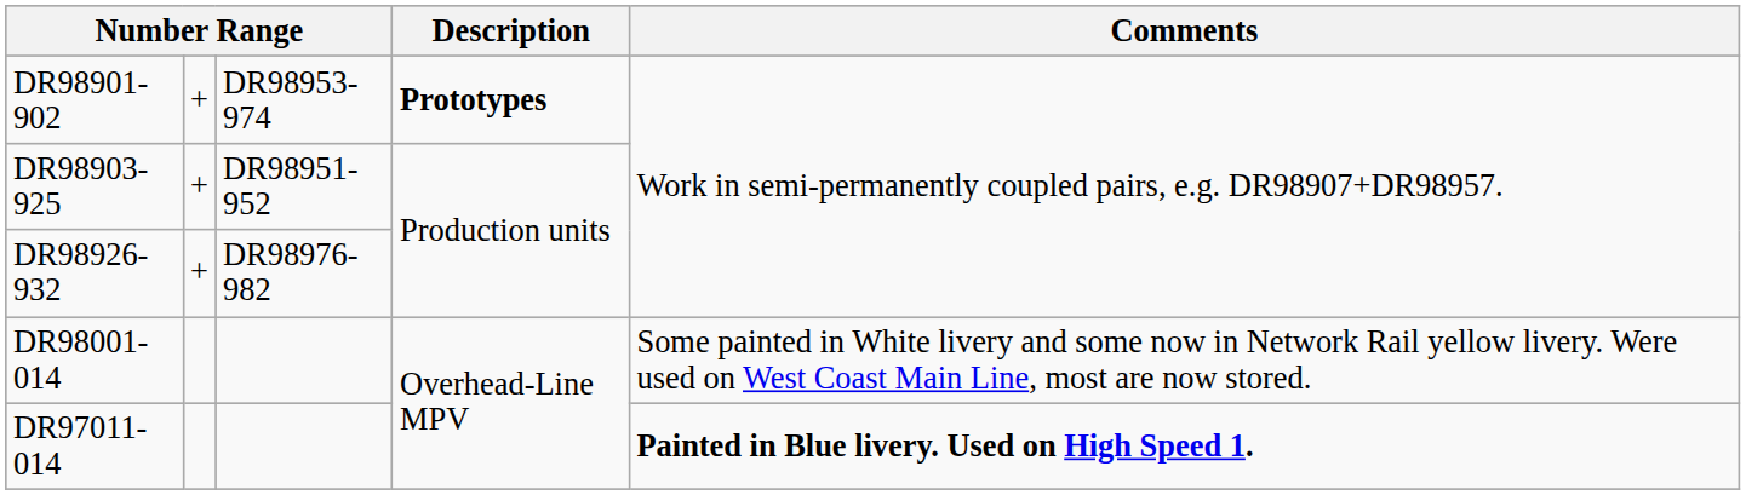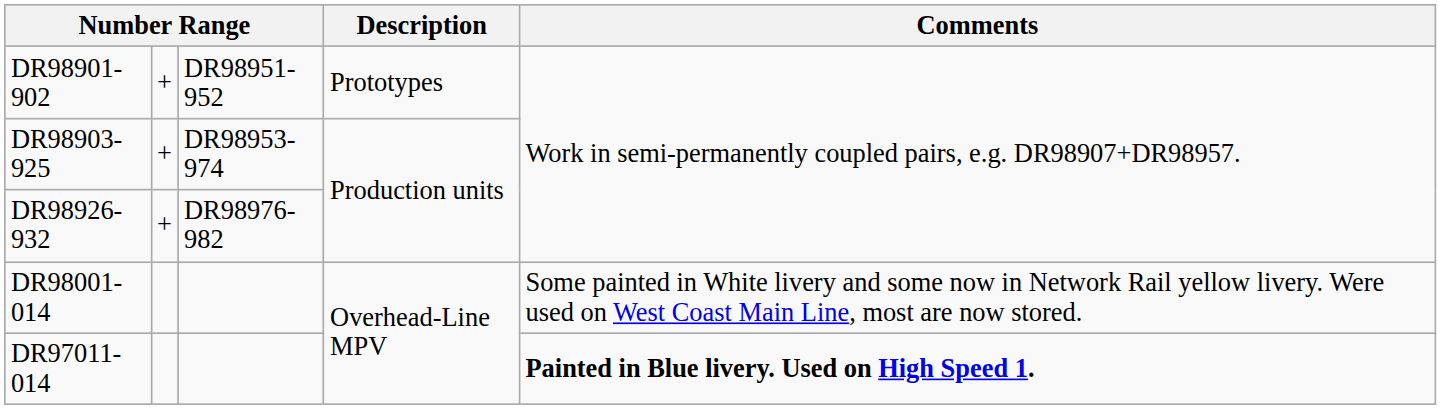 <table class="wikitable">
 <tr>
 <th colspan=3>Number Range</th>
 <th>Description</th>
 <th>Comments</th>
 </tr>
 <tr>
 <td>DR98901-902</td>
 <td>+</td>
-<td>DR98953-974</td>
-<td><strong>Prototypes</strong></td>
+<td>DR98951-952</td>
+<td>Prototypes</td>
 <td rowspan=3>Work in semi-permanently coupled pairs, e.g. DR98907+DR98957.</td>
 </tr>
 <tr>
 <td>DR98903-925</td>
 <td>+</td>
-<td>DR98951-952</td>
+<td>DR98953-974</td>
 <td rowspan="2">Production units</td>
 </tr>
 <tr>
 <td>DR98926-932</td>
 <td>+</td>
 <td>DR98976-982</td>
 </tr>
 <tr>
 <td>DR98001-014</td>
 <td></td>
 <td></td>
 <td rowspan="2">Overhead-Line MPV</td>
 <td>Some painted in White livery and some now in Network Rail yellow livery. Were used on <a href='#'>West Coast Main Line</a>, most are now stored.</td>
 </tr>
 <tr>
 <td>DR97011-014</td>
 <td></td>
 <td></td>
 <td><strong>Painted in Blue livery. Used on <a href='#'>High Speed 1</a>.</strong></td>
 </tr>
 </table>
